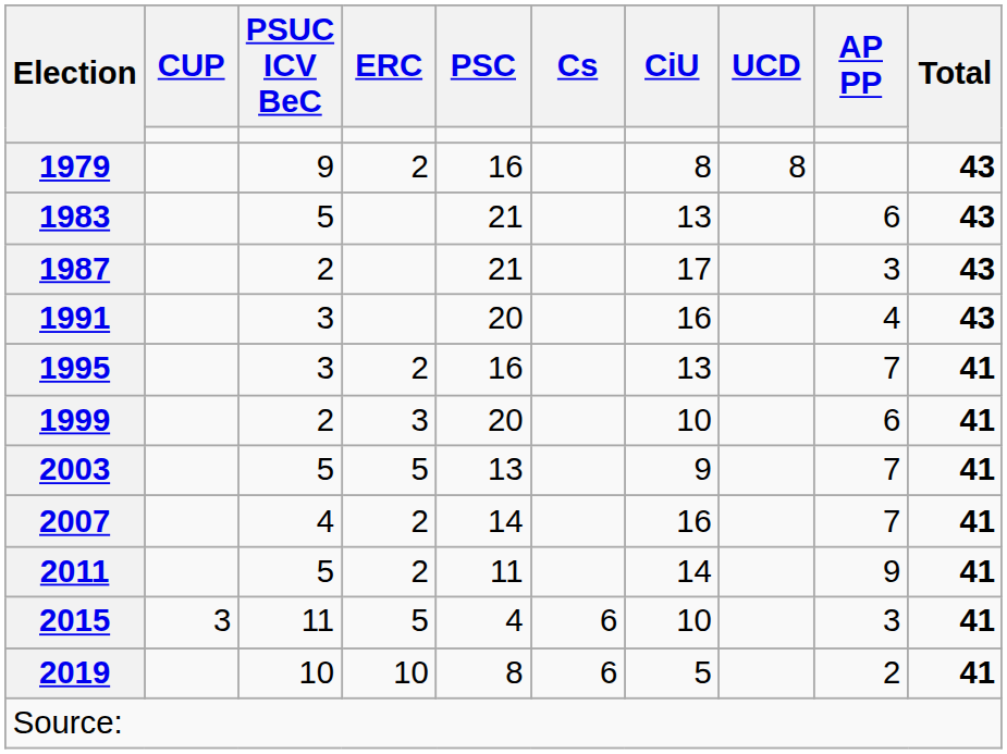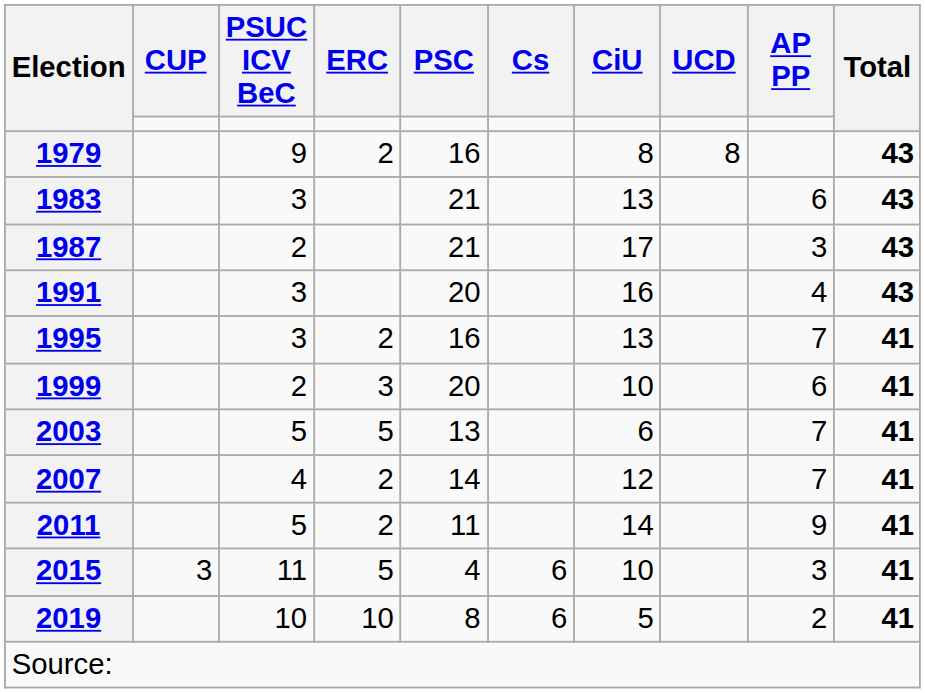 <table class="wikitable" style="text-align: right">
 <tr>
 <th width=50 rowspan=2>Election</th>
 <th width=40><a href='#'>CUP</a></th>
 <th width=40><a href='#'>PSUC</a><br><a href='#'>ICV</a><br><a href='#'>BeC</a></th>
 <th width=40><a href='#'>ERC</a></th>
 <th width=40><a href='#'>PSC</a></th>
 <th width=40><a href='#'>Cs</a></th>
 <th width=40><a href='#'>CiU</a></th>
 <th width=40><a href='#'>UCD</a></th>
 <th width=40><a href='#'>AP</a><br><a href='#'>PP</a></th>
 <th width=40 rowspan=2>Total</th>
 </tr>
 <tr>
 <td style="color:inherit;background:"></td>
 <td style="color:inherit;background:"></td>
 <td style="color:inherit;background:"></td>
 <td style="color:inherit;background:"></td>
 <td style="color:inherit;background:"></td>
 <td style="color:inherit;background:"></td>
 <td style="color:inherit;background:"></td>
 <td style="color:inherit;background:"></td>
 </tr>
 <tr>
 <th><a href='#'>1979</a></th>
 <td></td>
 <td>9</td>
 <td>2</td>
 <td>16</td>
 <td></td>
 <td>8</td>
 <td>8</td>
 <td></td>
 <td style='font-weight: bold;'>43</td>
 </tr>
 <tr>
 <th><a href='#'>1983</a></th>
 <td></td>
-<td>5</td>
+<td>3</td>
 <td></td>
 <td>21</td>
 <td></td>
 <td>13</td>
 <td></td>
 <td>6</td>
 <td style='font-weight: bold;'>43</td>
 </tr>
 <tr>
 <th><a href='#'>1987</a></th>
 <td></td>
 <td>2</td>
 <td></td>
 <td>21</td>
 <td></td>
 <td>17</td>
 <td></td>
 <td>3</td>
 <td style='font-weight: bold;'>43</td>
 </tr>
 <tr>
 <th><a href='#'>1991</a></th>
 <td></td>
 <td>3</td>
 <td></td>
 <td>20</td>
 <td></td>
 <td>16</td>
 <td></td>
 <td>4</td>
 <td style='font-weight: bold;'>43</td>
 </tr>
 <tr>
 <th><a href='#'>1995</a></th>
 <td></td>
 <td>3</td>
 <td>2</td>
 <td>16</td>
 <td></td>
 <td>13</td>
 <td></td>
 <td>7</td>
 <td style='font-weight: bold;'>41</td>
 </tr>
 <tr>
 <th><a href='#'>1999</a></th>
 <td></td>
 <td>2</td>
 <td>3</td>
 <td>20</td>
 <td></td>
 <td>10</td>
 <td></td>
 <td>6</td>
 <td style='font-weight: bold;'>41</td>
 </tr>
 <tr>
 <th><a href='#'>2003</a></th>
 <td></td>
 <td>5</td>
 <td>5</td>
 <td>13</td>
 <td></td>
-<td>9</td>
+<td>6</td>
 <td></td>
 <td>7</td>
 <td style='font-weight: bold;'>41</td>
 </tr>
 <tr>
 <th><a href='#'>2007</a></th>
 <td></td>
 <td>4</td>
 <td>2</td>
 <td>14</td>
 <td></td>
-<td>16</td>
+<td>12</td>
 <td></td>
 <td>7</td>
 <td style='font-weight: bold;'>41</td>
 </tr>
 <tr>
 <th><a href='#'>2011</a></th>
 <td></td>
 <td>5</td>
 <td>2</td>
 <td>11</td>
 <td></td>
 <td>14</td>
 <td></td>
 <td>9</td>
 <td style='font-weight: bold;'>41</td>
 </tr>
 <tr>
 <th><a href='#'>2015</a></th>
 <td>3</td>
 <td>11</td>
 <td>5</td>
 <td>4</td>
 <td>6</td>
 <td>10</td>
 <td></td>
 <td>3</td>
 <td style='font-weight: bold;'>41</td>
 </tr>
 <tr>
 <th><a href='#'>2019</a></th>
 <td></td>
 <td>10</td>
 <td>10</td>
 <td>8</td>
 <td>6</td>
 <td>5</td>
 <td></td>
 <td>2</td>
 <td style='font-weight: bold;'>41</td>
 </tr>
 <tr>
 <td colspan=10 style='text-align:left;'>Source:</td>
 </tr>
 </table>
